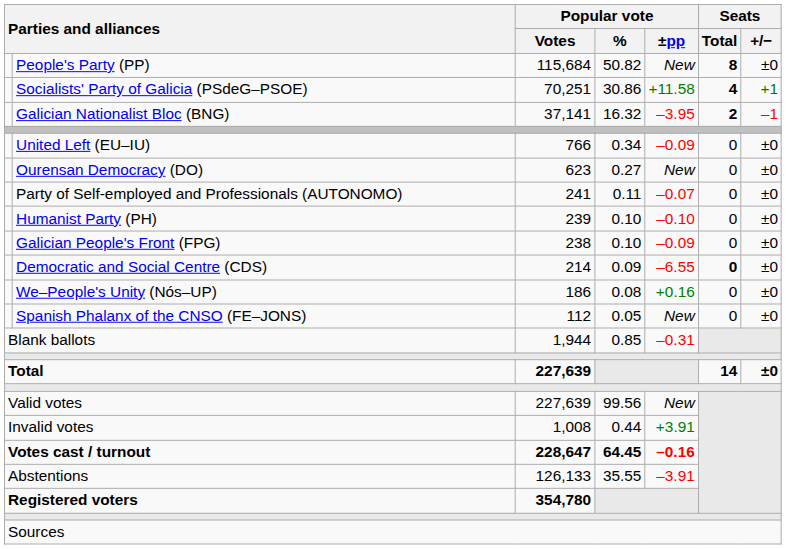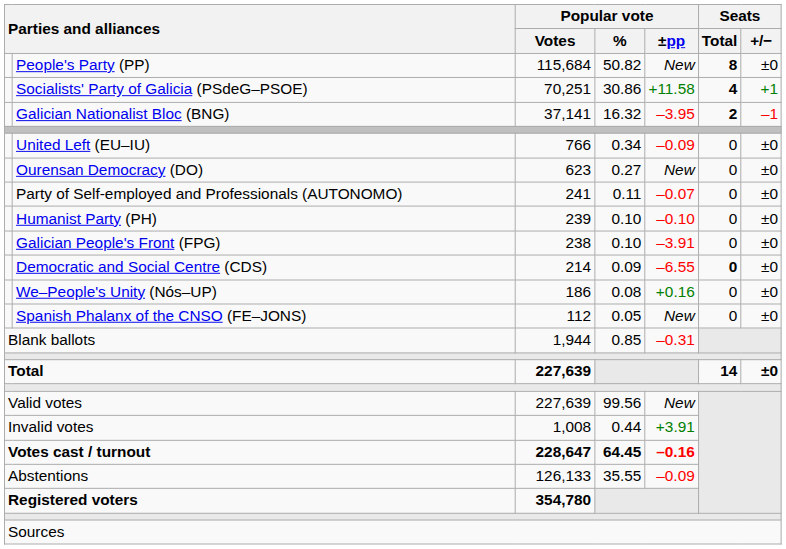 <table class="wikitable" style="text-align:right;">
 <tr>
 <th style="text-align:left;" rowspan="2" colspan="2" width="525">Parties and alliances</th>
 <th colspan="3">Popular vote</th>
 <th colspan="2">Seats</th>
 </tr>
 <tr>
 <th width="75">Votes</th>
 <th width="45">%</th>
 <th width="45">±<a href='#'>pp</a></th>
 <th width="35">Total</th>
 <th width="35">+/−</th>
 </tr>
 <tr>
 <td width="1" style="color:inherit;background:"></td>
 <td align="left"><a href='#'>People's Party</a> (PP)</td>
 <td>115,684</td>
 <td>50.82</td>
 <td><em>New</em></td>
 <td><strong>8</strong></td>
 <td>±0</td>
 </tr>
 <tr>
 <td style="color:inherit;background:"></td>
 <td align="left"><a href='#'>Socialists' Party of Galicia</a> (PSdeG–PSOE)</td>
 <td>70,251</td>
 <td>30.86</td>
 <td style="color:green;">+11.58</td>
 <td><strong>4</strong></td>
 <td style="color:green;">+1</td>
 </tr>
 <tr>
 <td style="color:inherit;background:"></td>
 <td align="left"><a href='#'>Galician Nationalist Bloc</a> (BNG)</td>
 <td>37,141</td>
 <td>16.32</td>
 <td style="color:red;">–3.95</td>
 <td><strong>2</strong></td>
 <td style="color:red;">–1</td>
 </tr>
 <tr>
 <td colspan="7" bgcolor="#C0C0C0"></td>
 </tr>
 <tr>
 <td style="color:inherit;background:"></td>
 <td align="left"><a href='#'>United Left</a> (EU–IU)</td>
 <td>766</td>
 <td>0.34</td>
 <td style="color:red;">–0.09</td>
 <td>0</td>
 <td>±0</td>
 </tr>
 <tr>
 <td style="color:inherit;background:"></td>
 <td align="left"><a href='#'>Ourensan Democracy</a> (DO)</td>
 <td>623</td>
 <td>0.27</td>
 <td><em>New</em></td>
 <td>0</td>
 <td>±0</td>
 </tr>
 <tr>
 <td style="color:inherit;background:"></td>
 <td align="left">Party of Self-employed and Professionals (AUTONOMO)</td>
 <td>241</td>
 <td>0.11</td>
 <td style="color:red;">–0.07</td>
 <td>0</td>
 <td>±0</td>
 </tr>
 <tr>
 <td style="color:inherit;background:"></td>
 <td align="left"><a href='#'>Humanist Party</a> (PH)</td>
 <td>239</td>
 <td>0.10</td>
 <td style="color:red;">–0.10</td>
 <td>0</td>
 <td>±0</td>
 </tr>
 <tr>
 <td style="color:inherit;background:"></td>
 <td align="left"><a href='#'>Galician People's Front</a> (FPG)</td>
 <td>238</td>
 <td>0.10</td>
-<td style="color:red;">–0.09</td>
+<td style="color:red;">–3.91</td>
 <td>0</td>
 <td>±0</td>
 </tr>
 <tr>
 <td style="color:inherit;background:"></td>
 <td align="left"><a href='#'>Democratic and Social Centre</a> (CDS)</td>
 <td>214</td>
 <td>0.09</td>
 <td style="color:red;">–6.55</td>
 <td><strong>0</strong></td>
 <td>±0</td>
 </tr>
 <tr>
 <td style="color:inherit;background:"></td>
 <td align="left"><a href='#'>We–People's Unity</a> (Nós–UP)</td>
 <td>186</td>
 <td>0.08</td>
 <td style="color:green;">+0.16</td>
 <td>0</td>
 <td>±0</td>
 </tr>
 <tr>
 <td style="color:inherit;background:"></td>
 <td align="left"><a href='#'>Spanish Phalanx of the CNSO</a> (FE–JONS)</td>
 <td>112</td>
 <td>0.05</td>
 <td><em>New</em></td>
 <td>0</td>
 <td>±0</td>
 </tr>
 <tr>
 <td align="left" colspan="2">Blank ballots</td>
 <td>1,944</td>
 <td>0.85</td>
 <td style="color:red;">–0.31</td>
 <td bgcolor="#E9E9E9" colspan="2"></td>
 </tr>
 <tr>
 <td colspan="7" bgcolor="#E9E9E9"></td>
 </tr>
 <tr style="font-weight:bold;">
 <td align="left" colspan="2">Total</td>
 <td>227,639</td>
 <td bgcolor="#E9E9E9" colspan="2"></td>
 <td>14</td>
 <td>±0</td>
 </tr>
 <tr>
 <td colspan="7" bgcolor="#E9E9E9"></td>
 </tr>
 <tr>
 <td align="left" colspan="2">Valid votes</td>
 <td>227,639</td>
 <td>99.56</td>
 <td><em>New</em></td>
 <td bgcolor="#E9E9E9" colspan="7" rowspan="5"></td>
 </tr>
 <tr>
 <td align="left" colspan="2">Invalid votes</td>
 <td>1,008</td>
 <td>0.44</td>
 <td style="color:green;">+3.91</td>
 </tr>
 <tr style="font-weight:bold;">
 <td align="left" colspan="2">Votes cast / turnout</td>
 <td>228,647</td>
 <td>64.45</td>
 <td style="color:red;">–0.16</td>
 </tr>
 <tr>
 <td align="left" colspan="2">Abstentions</td>
 <td>126,133</td>
 <td>35.55</td>
-<td style="color:red;">–3.91</td>
+<td style="color:red;">–0.09</td>
 </tr>
 <tr style="font-weight:bold;">
 <td align="left" colspan="2">Registered voters</td>
 <td>354,780</td>
 <td bgcolor="#E9E9E9" colspan="2"></td>
 </tr>
 <tr>
 <td colspan="7" bgcolor="#E9E9E9"></td>
 </tr>
 <tr>
 <td align="left" colspan="7">Sources</td>
 </tr>
 </table>
